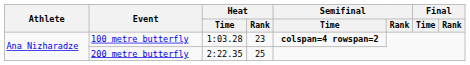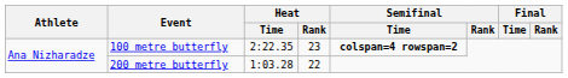 <table class="wikitable" style="text-align:center; font-size:90%; width:50%;">
 <tr>
 <th rowspan="2">Athlete</th>
 <th rowspan="2">Event</th>
 <th colspan="2">Heat</th>
 <th colspan="2">Semifinal</th>
 <th colspan="2">Final</th>
 </tr>
 <tr style="font-size:95%">
 <th>Time</th>
 <th>Rank</th>
 <th>Time</th>
 <th>Rank</th>
 <th>Time</th>
 <th>Rank</th>
 </tr>
 <tr align=center>
 <td align=left rowspan="2"><a href='#'>Ana Nizharadze</a></td>
 <td align=left><a href='#'>100 metre butterfly</a></td>
-<td>1:03.28</td>
+<td>2:22.35</td>
 <td>23</td>
 <td><strong>colspan=4  rowspan=2 </strong></td>
 </tr>
 <tr align=center>
 <td align=left><a href='#'>200 metre butterfly</a></td>
-<td>2:22.35</td>
-<td>25</td>
+<td>1:03.28</td>
+<td>22</td>
 </tr>
 </table>
